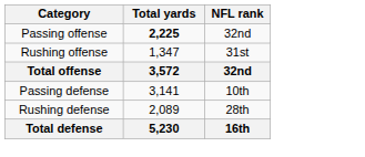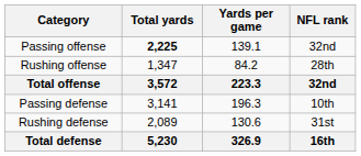 <table class="wikitable" style="text-align:center">
 <tr>
 <th width="150">Category</th>
 <th width="100">Total yards</th>
+<th width="110">Yards per game</th>
 <th width="80">NFL rank<br></th>
 </tr>
 <tr>
 <td>Passing offense</td>
 <td><strong>2,225</strong></td>
+<td>139.1</td>
 <td>32nd</td>
 </tr>
 <tr>
 <td>Rushing offense</td>
 <td>1,347</td>
-<td>31st</td>
+<td>84.2</td>
+<td>28th</td>
 </tr>
 <tr>
 <th>Total offense</th>
 <th>3,572</th>
+<th>223.3</th>
 <th>32nd</th>
 </tr>
 <tr>
 <td>Passing defense</td>
 <td>3,141</td>
+<td>196.3</td>
 <td>10th</td>
 </tr>
 <tr>
 <td>Rushing defense</td>
 <td>2,089</td>
-<td>28th</td>
+<td>130.6</td>
+<td>31st</td>
 </tr>
 <tr>
 <th>Total defense</th>
 <th>5,230</th>
+<th>326.9</th>
 <th>16th</th>
 </tr>
 </table>
